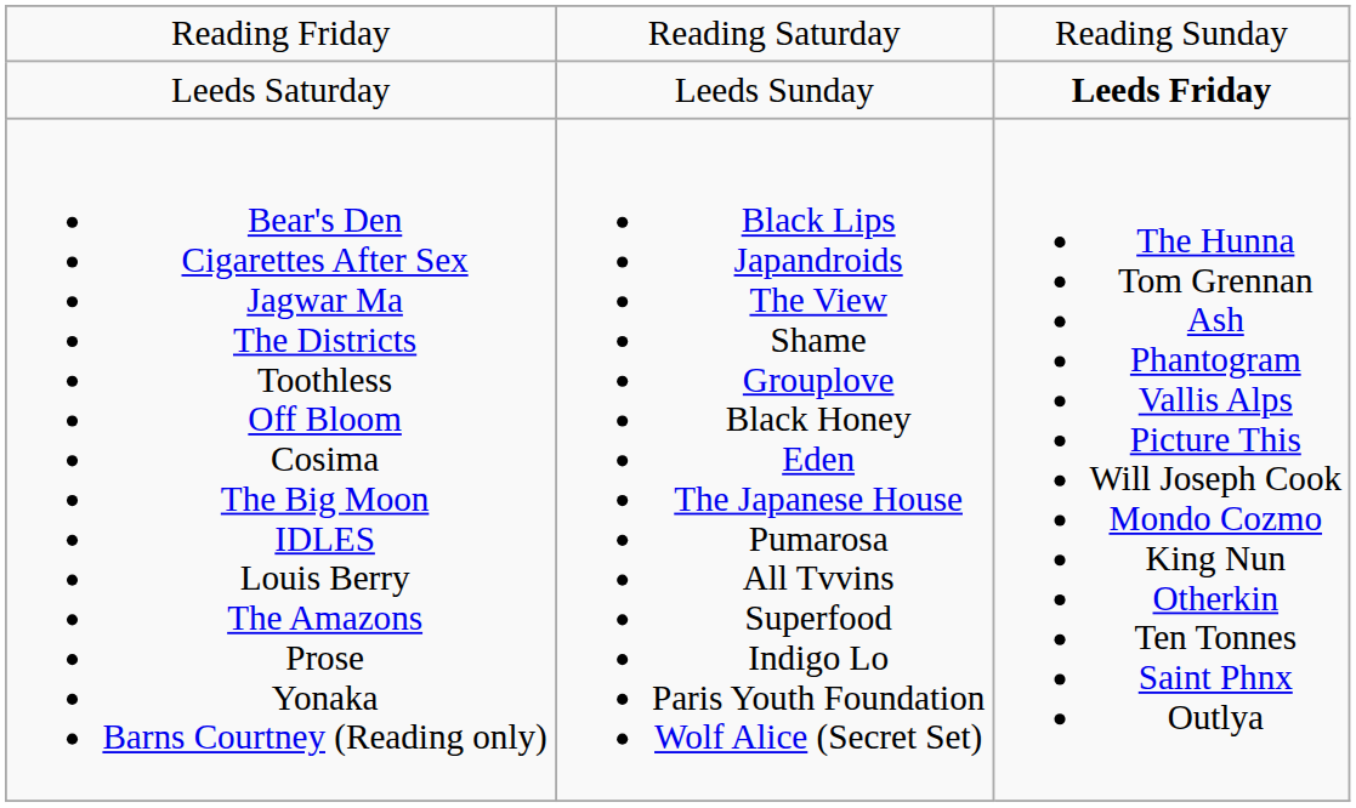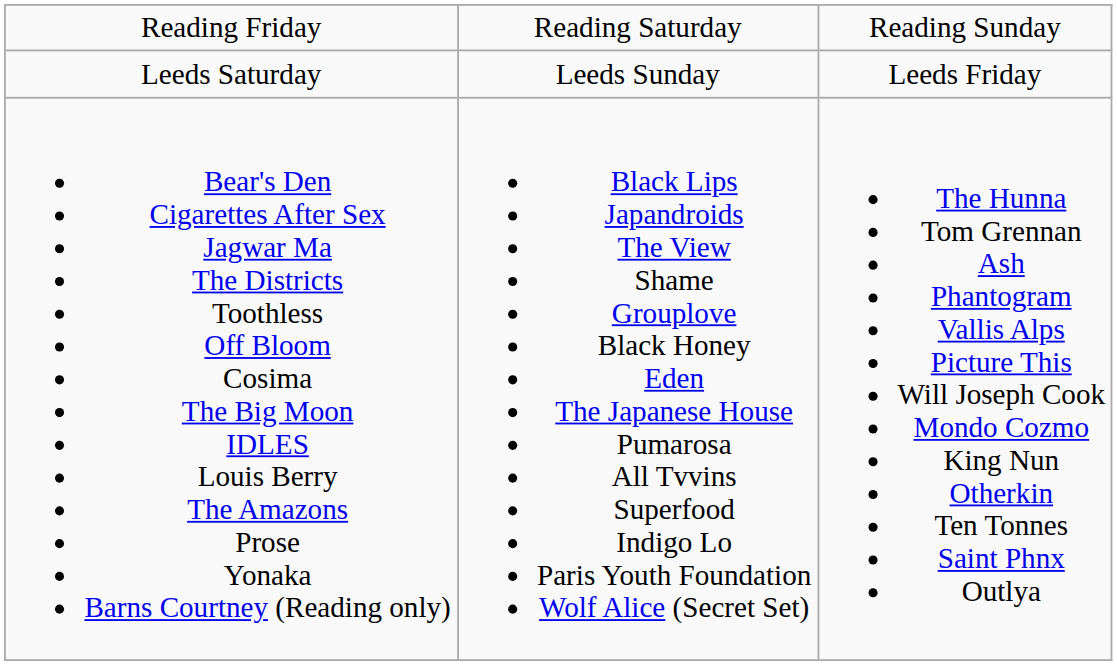 <table class="wikitable" style="text-align:center;">
 <tr>
 <td>Reading Friday</td>
 <td>Reading Saturday</td>
 <td>Reading Sunday</td>
 </tr>
 <tr>
 <td>Leeds Saturday</td>
 <td>Leeds Sunday</td>
-<td><strong>Leeds Friday</strong></td>
+<td>Leeds Friday</td>
 </tr>
 <tr>
 <td><br><ul><li><a href='#'>Bear's Den</a></li><li><a href='#'>Cigarettes After Sex</a></li><li><a href='#'>Jagwar Ma</a></li><li><a href='#'>The Districts</a></li><li>Toothless</li><li><a href='#'>Off Bloom</a></li><li>Cosima</li><li><a href='#'>The Big Moon</a></li><li><a href='#'>IDLES</a></li><li>Louis Berry</li><li><a href='#'>The Amazons</a></li><li>Prose</li><li>Yonaka</li><li><a href='#'>Barns Courtney</a> (Reading only)</li></ul></td>
 <td><br><ul><li><a href='#'>Black Lips</a></li><li><a href='#'>Japandroids</a></li><li><a href='#'>The View</a></li><li>Shame</li><li><a href='#'>Grouplove</a></li><li>Black Honey</li><li><a href='#'>Eden</a></li><li><a href='#'>The Japanese House</a></li><li>Pumarosa</li><li>All Tvvins</li><li>Superfood</li><li>Indigo Lo</li><li>Paris Youth Foundation</li><li><a href='#'>Wolf Alice</a> (Secret Set)</li></ul></td>
 <td><br><ul><li><a href='#'>The Hunna</a></li><li>Tom Grennan</li><li><a href='#'>Ash</a></li><li><a href='#'>Phantogram</a></li><li><a href='#'>Vallis Alps</a></li><li><a href='#'>Picture This</a></li><li>Will Joseph Cook</li><li><a href='#'>Mondo Cozmo</a></li><li>King Nun</li><li><a href='#'>Otherkin</a></li><li>Ten Tonnes</li><li><a href='#'>Saint Phnx</a></li><li>Outlya</li></ul></td>
 </tr>
 </table>
